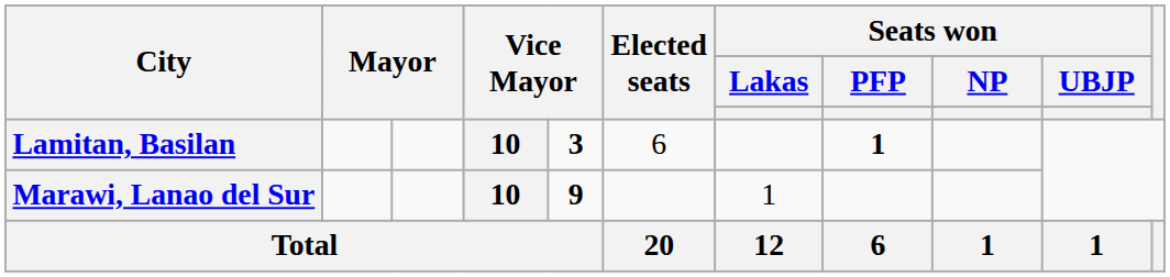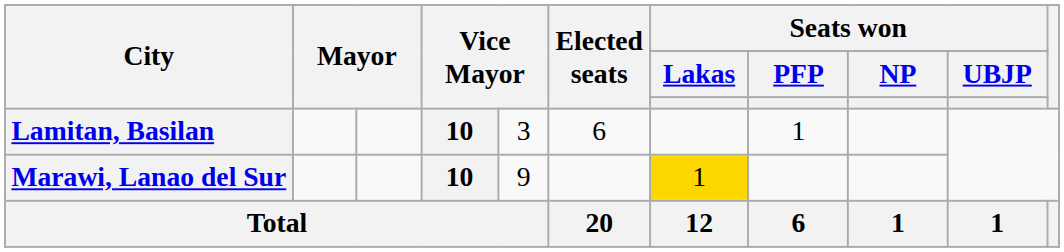 <table class="wikitable" style="text-align:center; font-size: 0.9em;">
 <tr>
 <th rowspan="3">City</th>
 <th colspan="2" rowspan="3" style="width:60px;">Mayor</th>
 <th colspan="2" rowspan="3" style="width:60px;">Vice Mayor</th>
 <th rowspan="3">Elected<br>seats</th>
 <th colspan="4">Seats won</th>
 <th rowspan="3"></th>
 </tr>
 <tr>
 <th class="unsortable" style="width:45px;"><a href='#'>Lakas</a></th>
 <th class="unsortable" style="width:45px;"><a href='#'>PFP</a></th>
 <th class="unsortable" style="width:45px;"><a href='#'>NP</a></th>
 <th class="unsortable" style="width:45px;"><a href='#'>UBJP</a></th>
 </tr>
 <tr>
 <th style="color:inherit;background:"></th>
 <th style="color:inherit;background:"></th>
 <th style="color:inherit;background:"></th>
 <th style="color:inherit;background:"></th>
 </tr>
 <tr>
 <th style="text-align: left;"><a href='#'>Lamitan, Basilan</a></th>
 <td></td>
 <td></td>
 <th>10</th>
-<td><strong>3</strong></td>
+<td>3</td>
 <td>6</td>
 <td></td>
-<td><strong>1</strong></td>
+<td>1</td>
 <td></td>
 </tr>
 <tr>
 <th style="text-align: left;"><a href='#'>Marawi, Lanao del Sur</a></th>
 <td></td>
 <td></td>
 <th>10</th>
-<td><strong>9</strong></td>
+<td>9</td>
 <td></td>
-<td>1</td>
+<td style="background: gold;">1</td>
 <td></td>
 <td></td>
 </tr>
 <tr>
 <th colspan="5">Total</th>
 <th>20</th>
 <th>12</th>
 <th>6</th>
 <th>1</th>
 <th>1</th>
 <th></th>
 </tr>
 </table>
